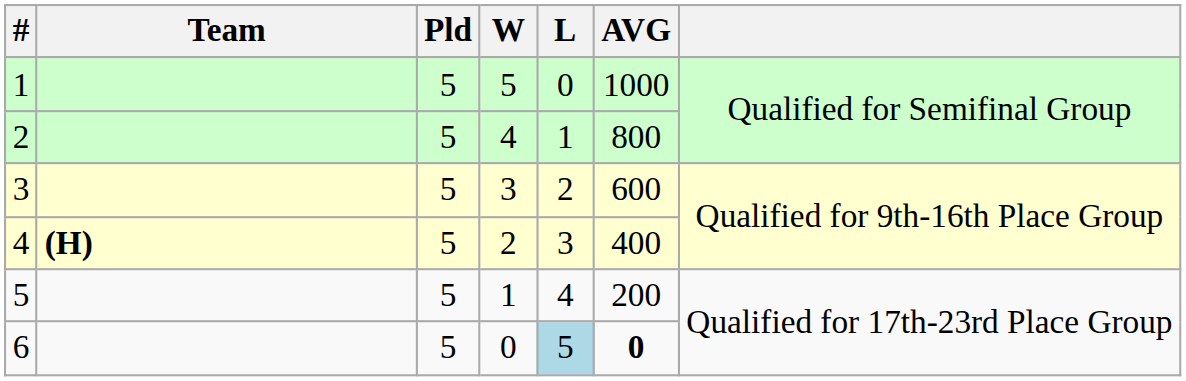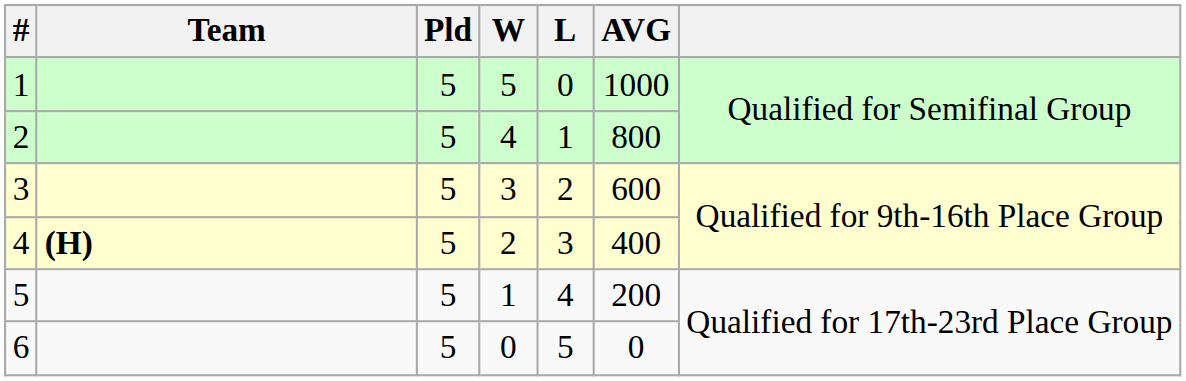 <table class="wikitable" style="text-align:center;">
 <tr>
 <th>#</th>
 <th width=175>Team</th>
 <th width=20 abbr="Played">Pld</th>
 <th width=20 abbr="Won">W</th>
 <th width=20 abbr="Lost">L</th>
 <th width=30 abbr="Average">AVG</th>
 <th></th>
 </tr>
 <tr style="background:#ccffcc">
 <td>1</td>
 <td align="left"></td>
 <td>5</td>
 <td>5</td>
 <td>0</td>
 <td>1000</td>
 <td rowspan="2">Qualified for Semifinal Group</td>
 </tr>
 <tr style="background:#ccffcc">
 <td>2</td>
 <td align="left"></td>
 <td>5</td>
 <td>4</td>
 <td>1</td>
 <td>800</td>
 </tr>
 <tr style="background:#ffffd0">
 <td>3</td>
 <td align=left></td>
 <td>5</td>
 <td>3</td>
 <td>2</td>
 <td>600</td>
 <td rowspan="2">Qualified for 9th-16th Place Group</td>
 </tr>
 <tr style="background:#ffffd0">
 <td>4</td>
 <td align="left"> <strong>(H)</strong></td>
 <td>5</td>
 <td>2</td>
 <td>3</td>
 <td>400</td>
 </tr>
 <tr>
 <td>5</td>
 <td align="left"></td>
 <td>5</td>
 <td>1</td>
 <td>4</td>
 <td>200</td>
 <td rowspan="2">Qualified for 17th-23rd Place Group</td>
 </tr>
 <tr>
 <td>6</td>
 <td align="left"></td>
 <td>5</td>
 <td>0</td>
-<td style="background: lightblue;">5</td>
-<td><strong>0</strong></td>
+<td>5</td>
+<td>0</td>
 </tr>
 </table>
